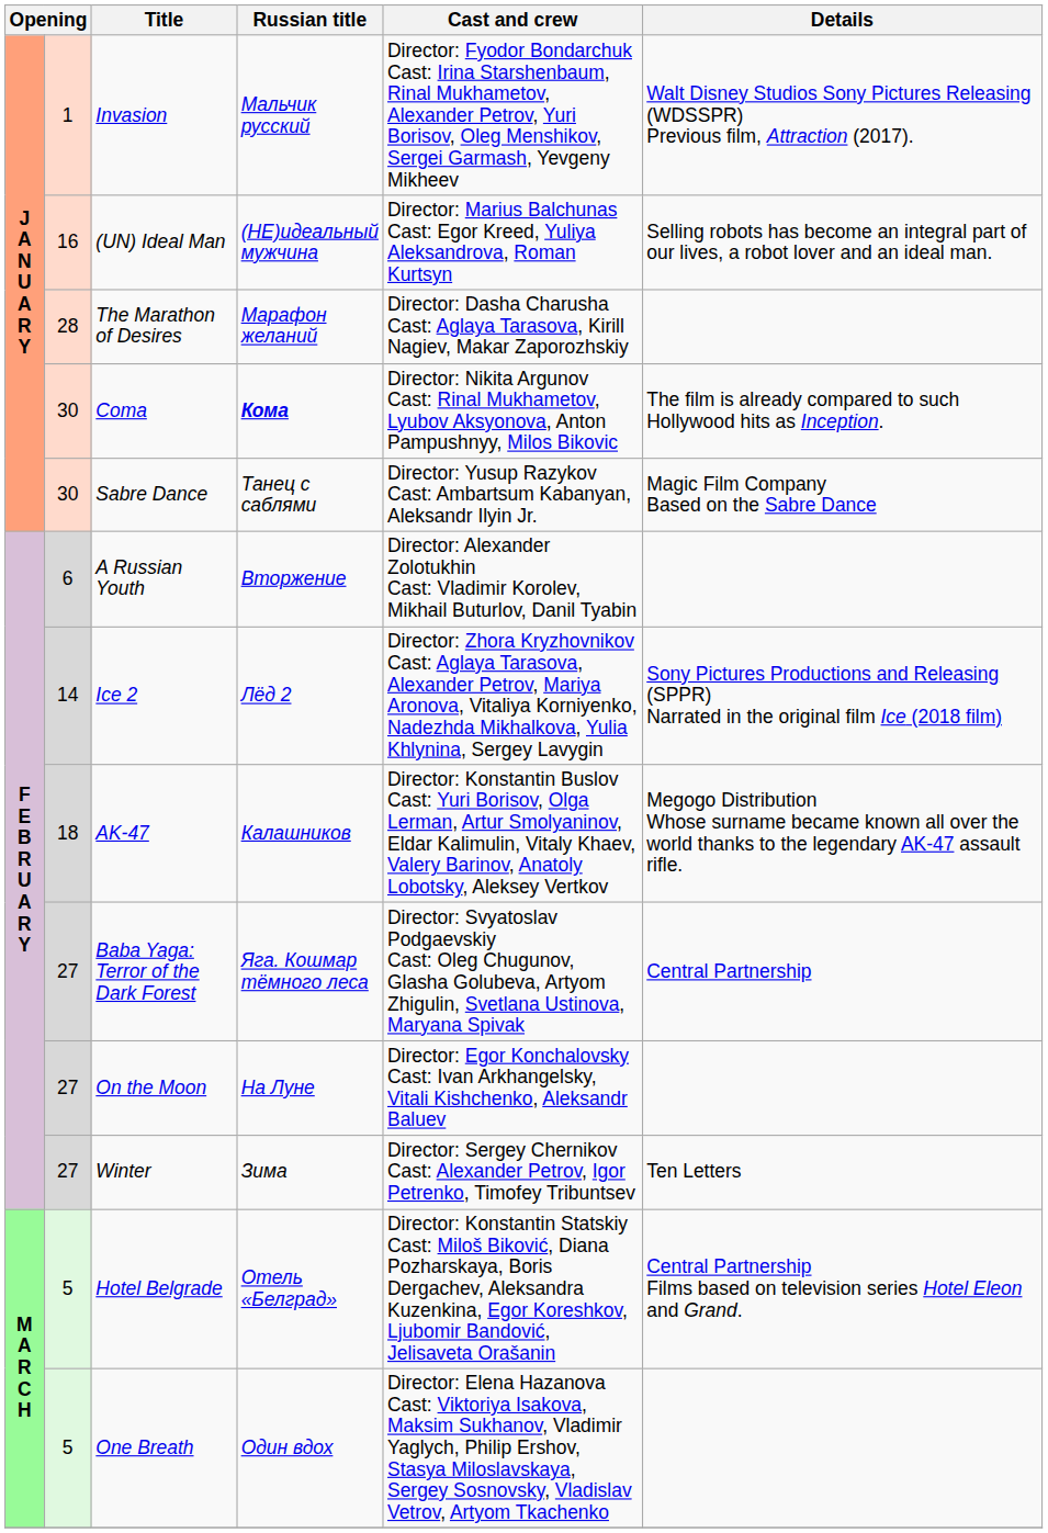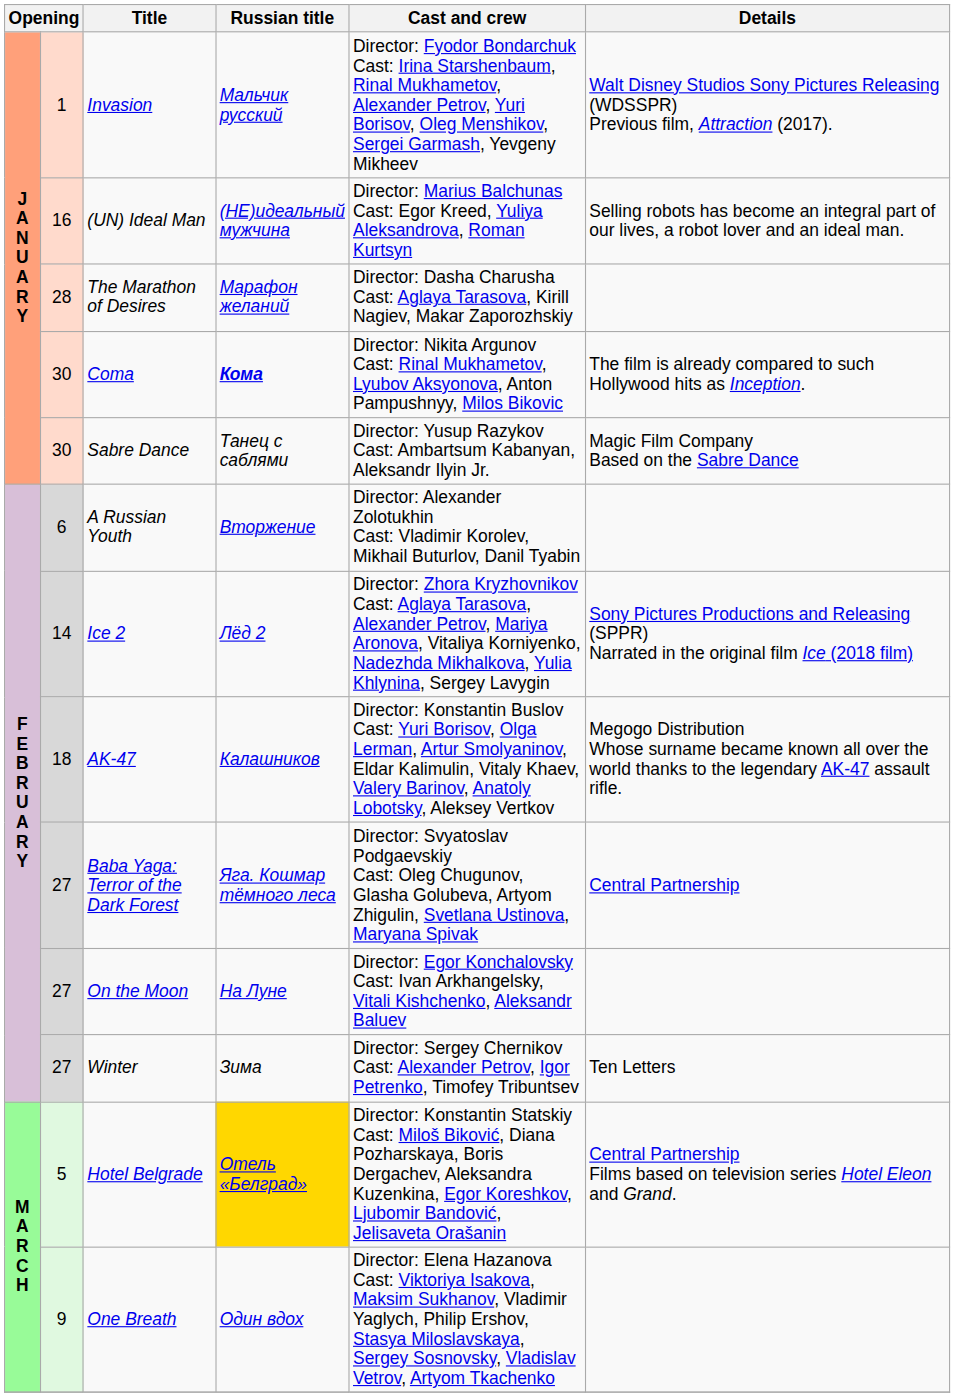 <table class="wikitable">
 <tr>
 <th colspan="2">Opening</th>
 <th style="width:14%;">Title</th>
 <th style="width:14%;">Russian title</th>
 <th style="width:25%;">Cast and crew</th>
 <th>Details</th>
 </tr>
 <tr>
 <th rowspan="5" align="center" style="background:#ffa07a; textcolor:#000;">J<br>A<br>N<br>U<br>A<br>R<br>Y</th>
 <td align="center" style="background:#ffdacc;">1</td>
 <td><em><a href='#'>Invasion</a></em></td>
 <td><em><a href='#'>Мальчик русский</a></em></td>
 <td>Director: <a href='#'>Fyodor Bondarchuk</a> <br> Cast: <a href='#'>Irina Starshenbaum</a>, <a href='#'>Rinal Mukhametov</a>, <a href='#'>Alexander Petrov</a>, <a href='#'>Yuri Borisov</a>, <a href='#'>Oleg Menshikov</a>, <a href='#'>Sergei Garmash</a>, Yevgeny Mikheev</td>
 <td><a href='#'>Walt Disney Studios Sony Pictures Releasing</a> (WDSSPR) <br> Previous film, <em><a href='#'>Attraction</a></em> (2017).</td>
 </tr>
 <tr>
 <td align="center" style="background:#ffdacc;">16</td>
 <td><em>(UN) Ideal Man</em></td>
 <td><em><a href='#'>(НЕ)идеальный мужчина</a></em></td>
 <td>Director: <a href='#'>Marius Balchunas</a> <br> Cast: Egor Kreed, <a href='#'>Yuliya Aleksandrova</a>, <a href='#'>Roman Kurtsyn</a></td>
 <td>Selling robots has become an integral part of our lives, a robot lover and an ideal man.</td>
 </tr>
 <tr>
 <td align="center" style="background:#ffdacc;">28</td>
 <td><em>The Marathon of Desires</em></td>
 <td><em><a href='#'>Марафон желаний</a></em></td>
 <td>Director: Dasha Charusha <br> Cast: <a href='#'>Aglaya Tarasova</a>, Kirill Nagiev, Makar Zaporozhskiy</td>
 <td></td>
 </tr>
 <tr>
 <td align="center" style="background:#ffdacc;">30</td>
 <td><em><a href='#'>Coma</a></em></td>
 <td><strong><em><a href='#'>Кома</a></em></strong></td>
 <td>Director: Nikita Argunov <br> Cast: <a href='#'>Rinal Mukhametov</a>, <a href='#'>Lyubov Aksyonova</a>, Anton Pampushnyy, <a href='#'>Milos Bikovic</a></td>
 <td>The film is already compared to such Hollywood hits as <em><a href='#'>Inception</a></em>.</td>
 </tr>
 <tr>
 <td align="center" style="background:#ffdacc;">30</td>
 <td><em>Sabre Dance</em></td>
 <td><em>Танец с саблями</em></td>
 <td>Director: Yusup Razykov <br> Cast: Ambartsum Kabanyan, Aleksandr Ilyin Jr.</td>
 <td>Magic Film Company <br> Based on the <a href='#'>Sabre Dance</a></td>
 </tr>
 <tr>
 <th rowspan="6" align="center" style="background:thistle; textcolor:#000;">F<br>E<br>B<br>R<br>U<br>A<br>R<br>Y</th>
 <td align="center" style="background:#d8d8d8;">6</td>
 <td><em>A Russian Youth</em></td>
 <td><em><a href='#'>Вторжение</a></em></td>
 <td>Director: Alexander Zolotukhin <br> Cast: Vladimir Korolev, Mikhail Buturlov, Danil Tyabin</td>
 <td></td>
 </tr>
 <tr>
 <td align="center" style="background:#d8d8d8;">14</td>
 <td><em><a href='#'>Ice 2</a></em></td>
 <td><em><a href='#'>Лёд 2</a></em></td>
 <td>Director: <a href='#'>Zhora Kryzhovnikov</a> <br> Cast: <a href='#'>Aglaya Tarasova</a>, <a href='#'>Alexander Petrov</a>, <a href='#'>Mariya Aronova</a>, Vitaliya Korniyenko, <a href='#'>Nadezhda Mikhalkova</a>, <a href='#'>Yulia Khlynina</a>, Sergey Lavygin</td>
 <td><a href='#'>Sony Pictures Productions and Releasing</a> (SPPR) <br> Narrated in the original film <a href='#'><em>Ice</em> (2018 film)</a></td>
 </tr>
 <tr>
 <td align="center" style="background:#d8d8d8;">18</td>
 <td><em><a href='#'>AK-47</a></em></td>
 <td><em><a href='#'>Калашников</a></em></td>
 <td>Director: Konstantin Buslov <br> Cast: <a href='#'>Yuri Borisov</a>, <a href='#'>Olga Lerman</a>, <a href='#'>Artur Smolyaninov</a>, Eldar Kalimulin, Vitaly Khaev, <a href='#'>Valery Barinov</a>, <a href='#'>Anatoly Lobotsky</a>, Aleksey Vertkov</td>
 <td>Megogo Distribution <br> Whose surname became known all over the world thanks to the legendary <a href='#'>AK-47</a> assault rifle.</td>
 </tr>
 <tr>
 <td align="center" style="background:#d8d8d8;">27</td>
 <td><em><a href='#'>Baba Yaga: Terror of the Dark Forest</a></em></td>
 <td><em><a href='#'>Яга. Кошмар тёмного леса</a></em></td>
 <td>Director: Svyatoslav Podgaevskiy <br> Cast: Oleg Chugunov, Glasha Golubeva, Artyom Zhigulin, <a href='#'>Svetlana Ustinova</a>, <a href='#'>Maryana Spivak</a></td>
 <td><a href='#'>Central Partnership</a></td>
 </tr>
 <tr>
 <td align="center" style="background:#d8d8d8;">27</td>
 <td><em><a href='#'>On the Moon</a></em></td>
 <td><em><a href='#'>На Луне</a></em></td>
 <td>Director: <a href='#'>Egor Konchalovsky</a> <br> Cast: Ivan Arkhangelsky, <a href='#'>Vitali Kishchenko</a>, <a href='#'>Aleksandr Baluev</a></td>
 <td></td>
 </tr>
 <tr>
 <td align="center" style="background:#d8d8d8;">27</td>
 <td><em>Winter</em></td>
 <td><em>Зима</em></td>
 <td>Director: Sergey Chernikov <br> Cast: <a href='#'>Alexander Petrov</a>, <a href='#'>Igor Petrenko</a>, Timofey Tribuntsev</td>
 <td>Ten Letters</td>
 </tr>
 <tr>
 <th rowspan="2" align="center" style="background:#98fb98; textcolor:#000;">M<br>A<br>R<br>C<br>H</th>
 <td align="center" style="background:#e0f9e0;">5</td>
 <td><em><a href='#'>Hotel Belgrade</a></em></td>
-<td><em><a href='#'>Отель «Белград»</a></em></td>
+<td style="background: gold;"><em><a href='#'>Отель «Белград»</a></em></td>
 <td>Director: Konstantin Statskiy <br> Cast: <a href='#'>Miloš Biković</a>, Diana Pozharskaya, Boris Dergachev, Aleksandra Kuzenkina, <a href='#'>Egor Koreshkov</a>, <a href='#'>Ljubomir Bandović</a>, <a href='#'>Jelisaveta Orašanin</a></td>
 <td><a href='#'>Central Partnership</a> <br> Films based on television series <a href='#'><em>Hotel Eleon</em></a> and <em>Grand</em>.</td>
 </tr>
 <tr>
-<td align="center" style="background:#e0f9e0;">5</td>
+<td align="center" style="background:#e0f9e0;">9</td>
 <td><em><a href='#'>One Breath</a></em></td>
 <td><em><a href='#'>Один вдох</a></em></td>
 <td>Director: Elena Hazanova <br> Cast: <a href='#'>Viktoriya Isakova</a>, <a href='#'>Maksim Sukhanov</a>, Vladimir Yaglych, Philip Ershov, <a href='#'>Stasya Miloslavskaya</a>, <a href='#'>Sergey Sosnovsky</a>, <a href='#'>Vladislav Vetrov</a>, <a href='#'>Artyom Tkachenko</a></td>
 <td></td>
 </tr>
 <tr>
 </tr>
 </table>
